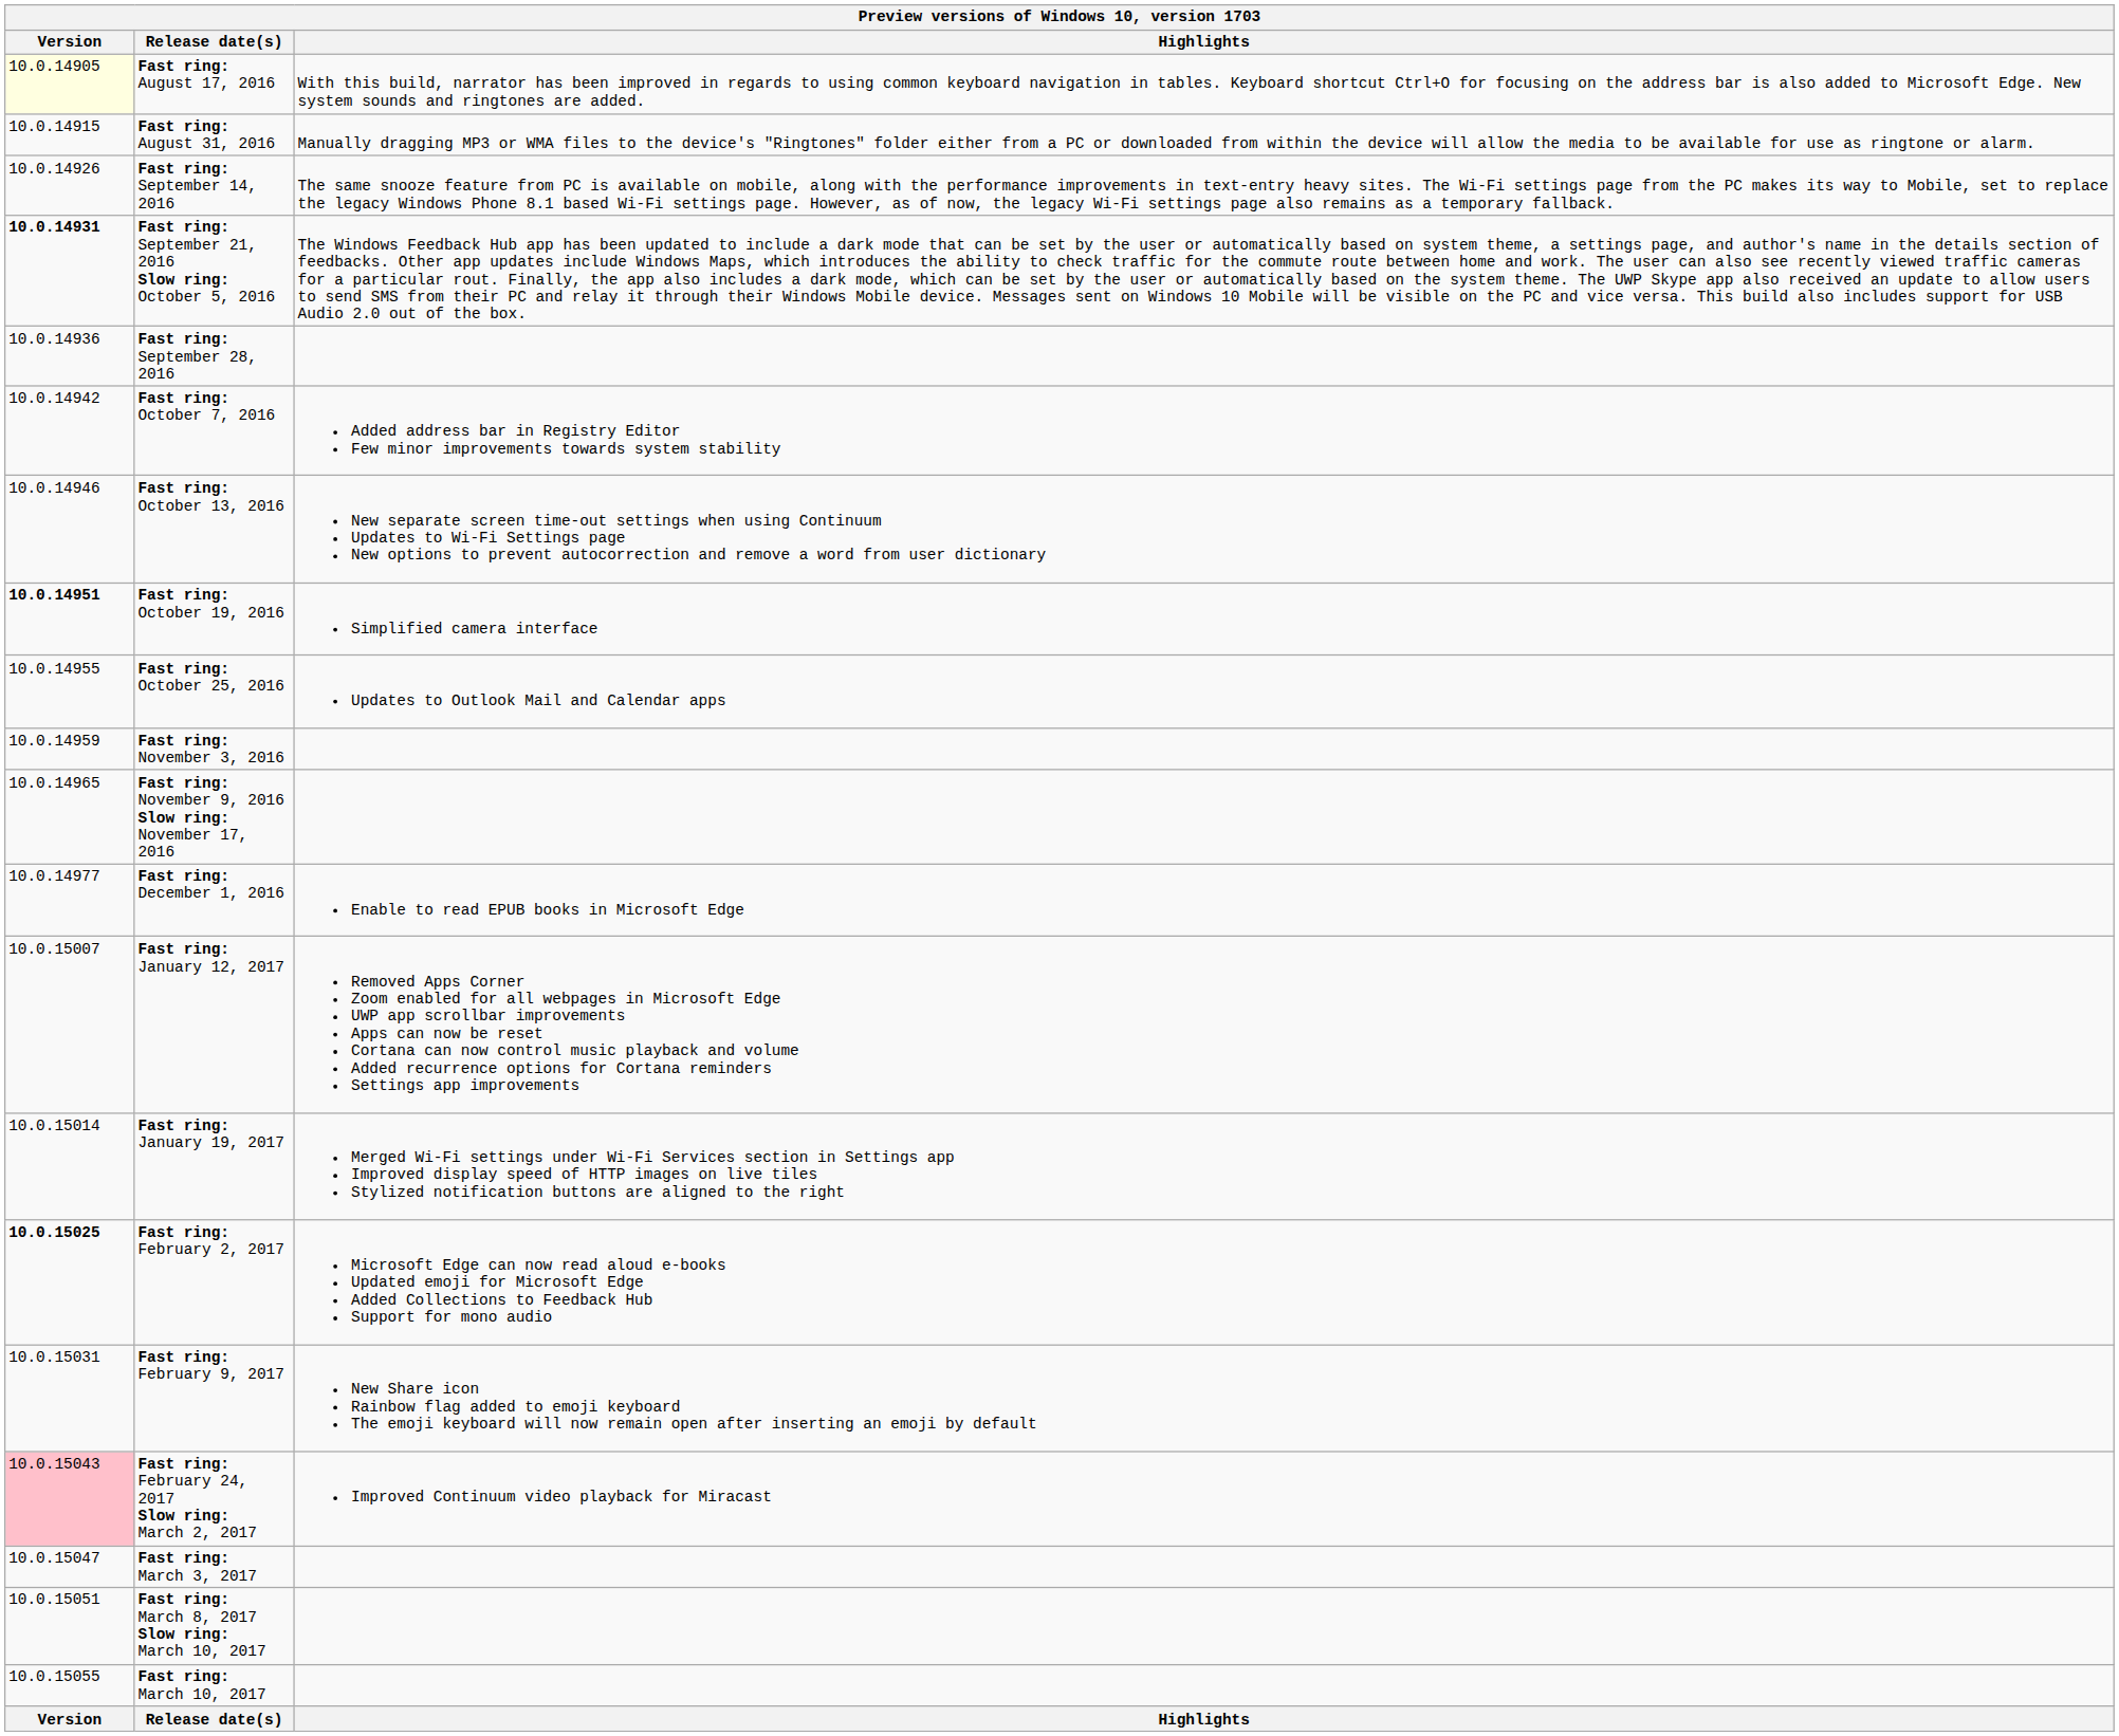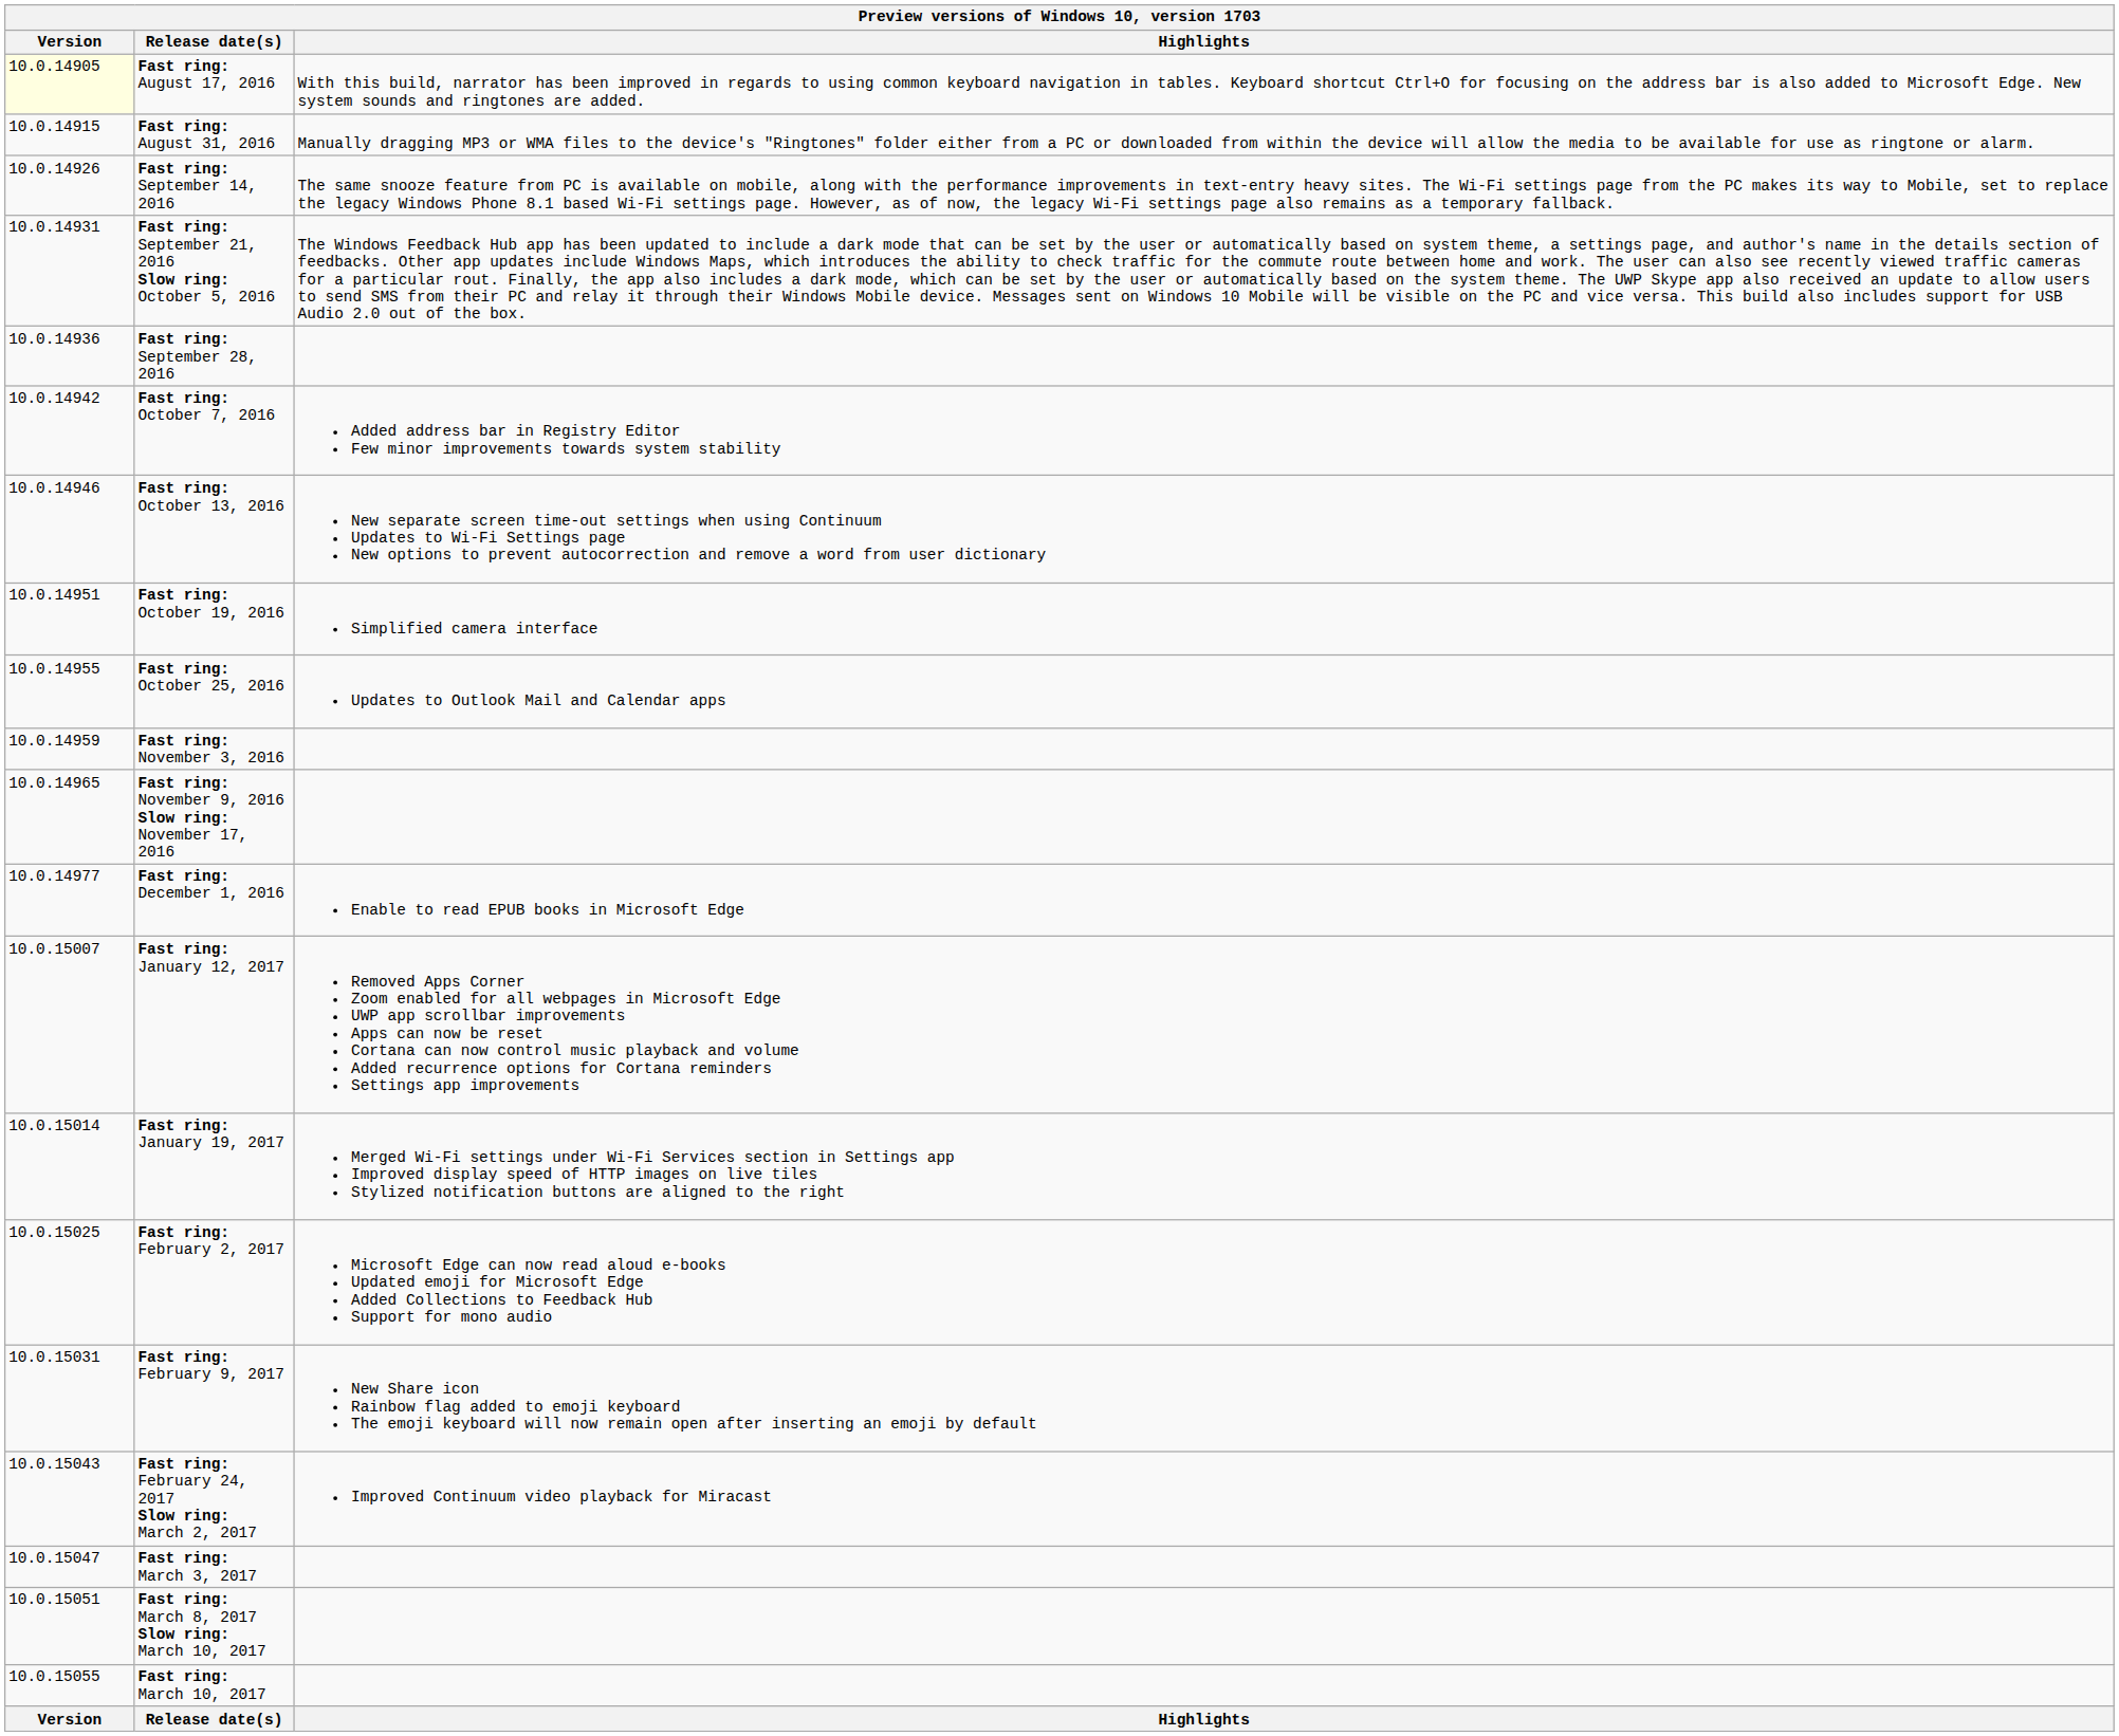 <table class="wikitable mw-collapsible mw-collapsed" style="width:100%;font-size:88%;">
 <tr>
 <th style="text-align:center;" colspan="3">Preview versions of Windows 10, version 1703</th>
 </tr>
 <tr>
 <th scope="col" style="width:8em;text-align:center;">Version</th>
 <th scope="col" style="width:10em;text-align:center;background::#fff;">Release date(s)</th>
 <th scope="col" style="background::#fff;text-align:center;">Highlights</th>
 </tr>
 <tr valign="top">
 <td style="background: lightyellow;">10.0.14905<br></td>
 <td><strong>Fast ring:</strong><br>August 17, 2016</td>
 <td><br>With this build, narrator has been improved in regards to using common keyboard navigation in tables. Keyboard shortcut Ctrl+O for focusing on the address bar is also added to Microsoft Edge. New system sounds and ringtones are added.</td>
 </tr>
 <tr valign="top">
 <td>10.0.14915<br></td>
 <td><strong>Fast ring:</strong><br>August 31, 2016</td>
 <td><br>Manually dragging MP3 or WMA files to the device's "Ringtones" folder either from a PC or downloaded from within the device will allow the media to be available for use as ringtone or alarm.</td>
 </tr>
 <tr valign="top">
 <td>10.0.14926<br></td>
 <td><strong>Fast ring:</strong><br>September 14, 2016</td>
 <td><br>The same snooze feature from PC is available on mobile, along with the performance improvements in text-entry heavy sites. The Wi-Fi settings page from the PC makes its way to Mobile, set to replace the legacy Windows Phone 8.1 based Wi-Fi settings page. However, as of now, the legacy Wi-Fi settings page also remains as a temporary fallback.</td>
 </tr>
 <tr valign="top">
-<td><strong>10.0.14931<br></strong></td>
+<td>10.0.14931<br></td>
 <td><strong>Fast ring:</strong><br>September 21, 2016<br><strong>Slow ring:</strong><br>October 5, 2016</td>
 <td><br>The Windows Feedback Hub app has been updated to include a dark mode that can be set by the user or automatically based on system theme, a settings page, and author's name in the details section of feedbacks. Other app updates include Windows Maps, which introduces the ability to check traffic for the commute route between home and work. The user can also see recently viewed traffic cameras for a particular rout. Finally, the app also includes a dark mode, which can be set by the user or automatically based on the system theme. The UWP Skype app also received an update to allow users to send SMS from their PC and relay it through their Windows Mobile device. Messages sent on Windows 10 Mobile will be visible on the PC and vice versa. This build also includes support for USB Audio 2.0 out of the box.</td>
 </tr>
 <tr valign="top">
 <td>10.0.14936<br></td>
 <td><strong>Fast ring:</strong><br>September 28, 2016</td>
 <td></td>
 </tr>
 <tr valign="top">
 <td>10.0.14942<br></td>
 <td><strong>Fast ring:</strong><br>October 7, 2016</td>
 <td><br><ul><li>Added address bar in Registry Editor</li><li>Few minor improvements towards system stability</li></ul></td>
 </tr>
 <tr valign="top">
 <td>10.0.14946<br></td>
 <td><strong>Fast ring:</strong><br>October 13, 2016</td>
 <td><br><ul><li>New separate screen time-out settings when using Continuum</li><li>Updates to Wi-Fi Settings page</li><li>New options to prevent autocorrection and remove a word from user dictionary</li></ul></td>
 </tr>
 <tr valign="top">
-<td><strong>10.0.14951<br></strong></td>
+<td>10.0.14951<br></td>
 <td><strong>Fast ring:</strong><br>October 19, 2016</td>
 <td><br><ul><li>Simplified camera interface</li></ul></td>
 </tr>
 <tr valign="top">
 <td>10.0.14955<br></td>
 <td><strong>Fast ring:</strong><br>October 25, 2016</td>
 <td><br><ul><li>Updates to Outlook Mail and Calendar apps</li></ul></td>
 </tr>
 <tr valign="top">
 <td>10.0.14959<br></td>
 <td><strong>Fast ring:</strong><br>November 3, 2016</td>
 <td></td>
 </tr>
 <tr valign="top">
 <td>10.0.14965<br></td>
 <td><strong>Fast ring:</strong><br>November 9, 2016<br><strong>Slow ring:</strong><br>November 17, 2016</td>
 <td></td>
 </tr>
 <tr valign="top">
 <td>10.0.14977<br></td>
 <td><strong>Fast ring:</strong><br>December 1, 2016</td>
 <td><br><ul><li>Enable to read EPUB books in Microsoft Edge</li></ul></td>
 </tr>
 <tr valign="top">
 <td>10.0.15007<br></td>
 <td><strong>Fast ring:</strong><br>January 12, 2017</td>
 <td><br><ul><li>Removed Apps Corner</li><li>Zoom enabled for all webpages in Microsoft Edge</li><li>UWP app scrollbar improvements</li><li>Apps can now be reset</li><li>Cortana can now control music playback and volume</li><li>Added recurrence options for Cortana reminders</li><li>Settings app improvements</li></ul></td>
 </tr>
 <tr valign="top">
 <td>10.0.15014<br></td>
 <td><strong>Fast ring:</strong><br>January 19, 2017</td>
 <td><br><ul><li>Merged Wi-Fi settings under Wi-Fi Services section in Settings app</li><li>Improved display speed of HTTP images on live tiles</li><li>Stylized notification buttons are aligned to the right</li></ul></td>
 </tr>
 <tr valign="top">
-<td><strong>10.0.15025<br></strong></td>
+<td>10.0.15025<br></td>
 <td><strong>Fast ring:</strong><br>February 2, 2017</td>
 <td><br><ul><li>Microsoft Edge can now read aloud e-books</li><li>Updated emoji for Microsoft Edge</li><li>Added Collections to Feedback Hub</li><li>Support for mono audio</li></ul></td>
 </tr>
 <tr valign="top">
 <td>10.0.15031<br></td>
 <td><strong>Fast ring:</strong><br>February 9, 2017</td>
 <td><br><ul><li>New Share icon</li><li>Rainbow flag added to emoji keyboard</li><li>The emoji keyboard will now remain open after inserting an emoji by default</li></ul></td>
 </tr>
 <tr valign="top">
-<td style="background: pink;">10.0.15043<br></td>
+<td>10.0.15043<br></td>
 <td><strong>Fast ring:</strong><br>February 24, 2017<br><strong>Slow ring:</strong><br>March 2, 2017</td>
 <td><br><ul><li>Improved Continuum video playback for Miracast</li></ul></td>
 </tr>
 <tr valign="top">
 <td>10.0.15047<br></td>
 <td><strong>Fast ring:</strong><br>March 3, 2017</td>
 <td></td>
 </tr>
 <tr valign="top">
 <td>10.0.15051<br></td>
 <td><strong>Fast ring:</strong><br>March 8, 2017<br><strong>Slow ring:</strong><br>March 10, 2017</td>
 <td></td>
 </tr>
 <tr valign="top">
 <td>10.0.15055<br></td>
 <td><strong>Fast ring:</strong><br>March 10, 2017</td>
 <td></td>
 </tr>
 <tr>
 <th>Version</th>
 <th>Release date(s)</th>
 <th>Highlights</th>
 </tr>
 </table>
